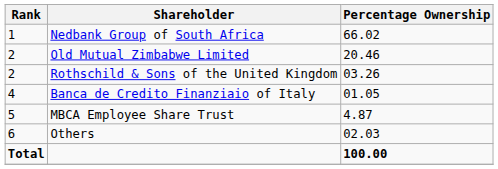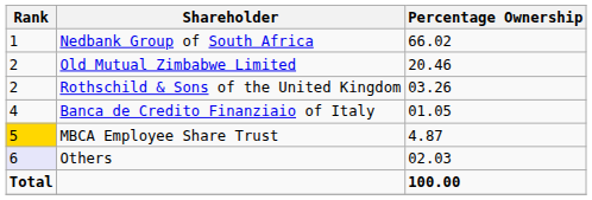 <table class="wikitable sortable" style="margin-left:auto;margin-right:auto">
 <tr>
 <th style="width:2em;">Rank</th>
 <th>Shareholder</th>
 <th>Percentage Ownership</th>
 </tr>
 <tr>
 <td>1</td>
 <td><a href='#'>Nedbank Group</a> of <a href='#'>South Africa</a></td>
 <td>66.02</td>
 </tr>
 <tr>
 <td>2</td>
 <td><a href='#'>Old Mutual Zimbabwe Limited</a></td>
 <td>20.46</td>
 </tr>
 <tr>
 <td>2</td>
 <td><a href='#'>Rothschild & Sons</a> of the United Kingdom</td>
 <td>03.26</td>
 </tr>
 <tr>
 <td>4</td>
 <td><a href='#'>Banca de Credito Finanziaio</a> of Italy</td>
 <td>01.05</td>
 </tr>
 <tr>
-<td>5</td>
+<td style="background: gold;">5</td>
 <td>MBCA  Employee Share Trust</td>
 <td>4.87</td>
 </tr>
 <tr>
-<td>6</td>
+<td style="background: lavender;">6</td>
 <td>Others</td>
 <td>02.03</td>
 </tr>
 <tr>
 <td><strong>Total</strong></td>
 <td></td>
 <td><strong>100.00</strong></td>
 </tr>
 <tr>
 </tr>
 </table>
